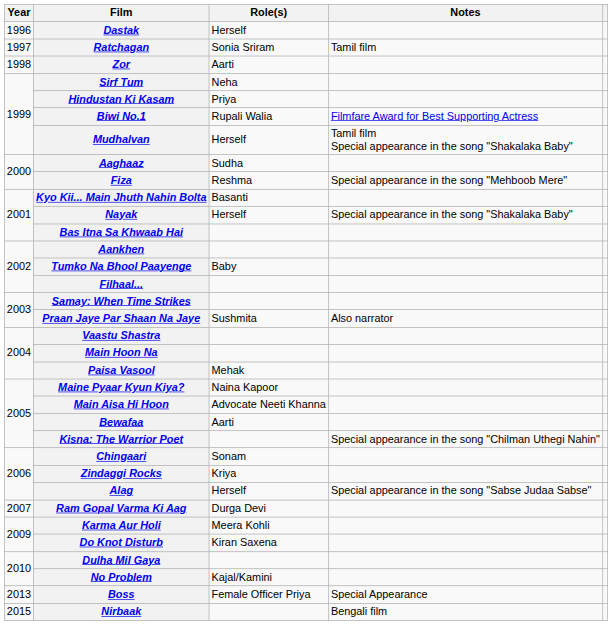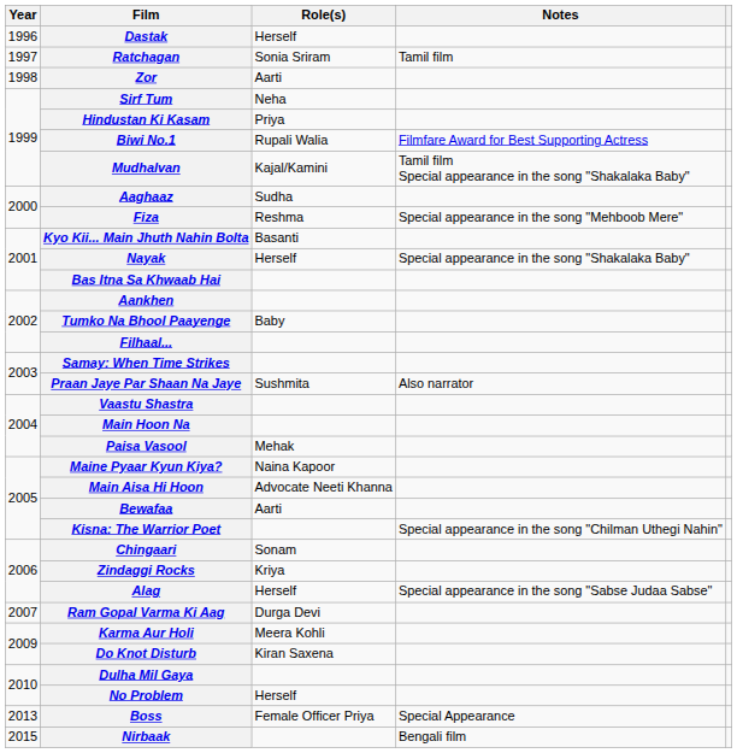 <table class="wikitable sortable plainrowheaders">
 <tr>
 <th scope="col">Year</th>
 <th scope="col">Film</th>
 <th scope="col">Role(s)</th>
 <th scope="col" class="unsortable">Notes</th>
 <th class="unsortable"></th>
 </tr>
 <tr>
 <td>1996</td>
 <th scope="row"><em><a href='#'>Dastak</a></em></th>
 <td>Herself</td>
 <td></td>
 <td style="text-align:center;"></td>
 </tr>
 <tr>
 <td>1997</td>
 <th scope="row"><em><a href='#'>Ratchagan</a></em></th>
 <td>Sonia Sriram</td>
 <td>Tamil film</td>
 <td style="text-align:center;"></td>
 </tr>
 <tr>
 <td>1998</td>
 <th scope="row"><em><a href='#'>Zor</a></em></th>
 <td>Aarti</td>
 <td></td>
 <td style="text-align:center;"></td>
 </tr>
 <tr>
 <td rowspan="4">1999</td>
 <th scope="row"><em><a href='#'>Sirf Tum</a></em></th>
 <td>Neha</td>
 <td></td>
 <td style="text-align:center;"></td>
 </tr>
 <tr>
 <th scope="row"><em><a href='#'>Hindustan Ki Kasam</a></em></th>
 <td>Priya</td>
 <td></td>
 <td style="text-align:center;"></td>
 </tr>
 <tr>
 <th scope="row"><em><a href='#'>Biwi No.1</a></em></th>
 <td>Rupali Walia</td>
 <td><a href='#'>Filmfare Award for Best Supporting Actress</a></td>
 <td style="text-align:center;"></td>
 </tr>
 <tr>
 <th scope="row"><em><a href='#'>Mudhalvan</a></em></th>
-<td>Herself</td>
+<td>Kajal/Kamini</td>
 <td>Tamil film<br>Special appearance in the song "Shakalaka Baby"</td>
 <td style="text-align:center;"></td>
 </tr>
 <tr>
 <td rowspan="2">2000</td>
 <th scope="row"><em><a href='#'>Aaghaaz</a></em></th>
 <td>Sudha</td>
 <td></td>
 <td style="text-align:center;"></td>
 </tr>
 <tr>
 <th scope="row"><em><a href='#'>Fiza</a></em></th>
 <td>Reshma</td>
 <td>Special appearance in the song "Mehboob Mere"</td>
 <td style="text-align:center;"></td>
 </tr>
 <tr>
 <td rowspan="3">2001</td>
 <th scope="row"><em><a href='#'>Kyo Kii... Main Jhuth Nahin Bolta</a></em></th>
 <td>Basanti</td>
 <td></td>
 <td style="text-align:center;"></td>
 </tr>
 <tr>
 <th scope="row"><em><a href='#'>Nayak</a></em></th>
 <td>Herself</td>
 <td>Special appearance in the song "Shakalaka Baby"</td>
 <td style="text-align:center;"></td>
 </tr>
 <tr>
 <th scope="row"><em><a href='#'>Bas Itna Sa Khwaab Hai</a></em></th>
 <td></td>
 <td></td>
 <td style="text-align:center;"></td>
 </tr>
 <tr>
 <td rowspan="3">2002</td>
 <th scope="row"><em><a href='#'>Aankhen</a></em></th>
 <td></td>
 <td></td>
 <td style="text-align:center;"></td>
 </tr>
 <tr>
 <th scope="row"><em><a href='#'>Tumko Na Bhool Paayenge</a></em></th>
 <td>Baby</td>
 <td></td>
 <td style="text-align:center;"></td>
 </tr>
 <tr>
 <th scope="row"><em><a href='#'>Filhaal...</a></em></th>
 <td></td>
 <td></td>
 <td style="text-align:center;"></td>
 </tr>
 <tr>
 <td rowspan="2">2003</td>
 <th scope="row"><em><a href='#'>Samay: When Time Strikes</a></em></th>
 <td></td>
 <td></td>
 <td style="text-align:center;"></td>
 </tr>
 <tr>
 <th scope="row"><em><a href='#'>Praan Jaye Par Shaan Na Jaye</a></em></th>
 <td>Sushmita</td>
 <td>Also narrator</td>
 <td style="text-align:center;"></td>
 </tr>
 <tr>
 <td rowspan="3">2004</td>
 <th scope="row"><em><a href='#'>Vaastu Shastra</a></em></th>
 <td></td>
 <td></td>
 <td style="text-align:center;"></td>
 </tr>
 <tr>
 <th scope="row"><em><a href='#'>Main Hoon Na</a></em></th>
 <td></td>
 <td></td>
 <td style="text-align:center;"></td>
 </tr>
 <tr>
 <th scope="row"><em><a href='#'>Paisa Vasool</a></em></th>
 <td>Mehak</td>
 <td></td>
 <td style="text-align:center;"></td>
 </tr>
 <tr>
 <td rowspan="4”">2005</td>
 <th scope="row"><em><a href='#'>Maine Pyaar Kyun Kiya?</a></em></th>
 <td>Naina Kapoor</td>
 <td></td>
 <td style="text-align:center;"></td>
 </tr>
 <tr>
 <th scope="row"><em><a href='#'>Main Aisa Hi Hoon</a></em></th>
 <td>Advocate Neeti Khanna</td>
 <td></td>
 <td style="text-align:center;"></td>
 </tr>
 <tr>
 <th scope="row"><em><a href='#'>Bewafaa</a></em></th>
 <td>Aarti</td>
 <td></td>
 <td style="text-align:center;"></td>
 </tr>
 <tr>
 <th scope="row"><em><a href='#'>Kisna: The Warrior Poet</a></em></th>
 <td></td>
 <td>Special appearance in the song "Chilman Uthegi Nahin"</td>
 <td style="text-align:center;"></td>
 </tr>
 <tr>
 <td rowspan="3">2006</td>
 <th scope="row"><em><a href='#'>Chingaari</a></em></th>
 <td>Sonam</td>
 <td></td>
 <td style="text-align:center;"></td>
 </tr>
 <tr>
 <th scope="row"><em><a href='#'>Zindaggi Rocks</a></em></th>
 <td>Kriya</td>
 <td></td>
 <td style="text-align:center;"></td>
 </tr>
 <tr>
 <th scope="row"><em><a href='#'>Alag</a></em></th>
 <td>Herself</td>
 <td>Special appearance in the song "Sabse Judaa Sabse"</td>
 <td style="text-align:center;"></td>
 </tr>
 <tr>
 <td>2007</td>
 <th scope="row"><em><a href='#'>Ram Gopal Varma Ki Aag</a></em></th>
 <td>Durga Devi</td>
 <td></td>
 <td style="text-align:center;"></td>
 </tr>
 <tr>
 <td rowspan="2">2009</td>
 <th scope="row"><em><a href='#'>Karma Aur Holi</a></em></th>
 <td>Meera Kohli</td>
 <td></td>
 <td style="text-align:center;"></td>
 </tr>
 <tr>
 <th scope="row"><em><a href='#'>Do Knot Disturb</a></em></th>
 <td>Kiran Saxena</td>
 <td></td>
 <td style="text-align:center;"></td>
 </tr>
 <tr>
 <td rowspan="2">2010</td>
 <th scope="row"><em><a href='#'>Dulha Mil Gaya</a></em></th>
 <td></td>
 <td></td>
 <td style="text-align:center;"></td>
 </tr>
 <tr>
 <th scope="row"><a href='#'><em>No Problem</em></a></th>
-<td>Kajal/Kamini</td>
+<td>Herself</td>
 <td></td>
 <td></td>
 </tr>
 <tr>
 <td>2013</td>
 <th scope="row"><em><a href='#'>Boss</a></em></th>
 <td>Female Officer Priya</td>
 <td>Special Appearance</td>
 <td></td>
 </tr>
 <tr>
 <td>2015</td>
 <th scope="row"><em><a href='#'>Nirbaak</a></em></th>
 <td></td>
 <td>Bengali film</td>
 <td style="text-align:center;"></td>
 </tr>
 </table>
